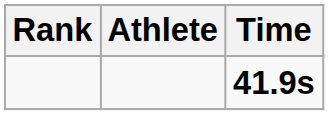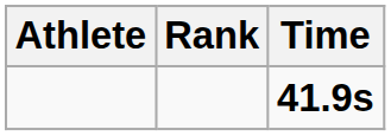 <table class=wikitable style="text-align:center;">
 <tr>
+<th>Athlete</th>
 <th>Rank</th>
-<th>Athlete</th>
 <th>Time</th>
 </tr>
 <tr>
+<td align=left></td>
 <td></td>
-<td align=left></td>
 <td><strong>41.9s</strong></td>
 </tr>
 </table>
